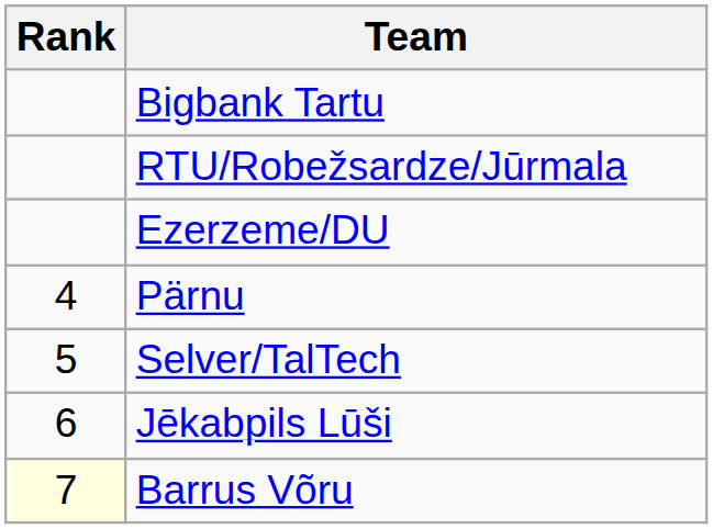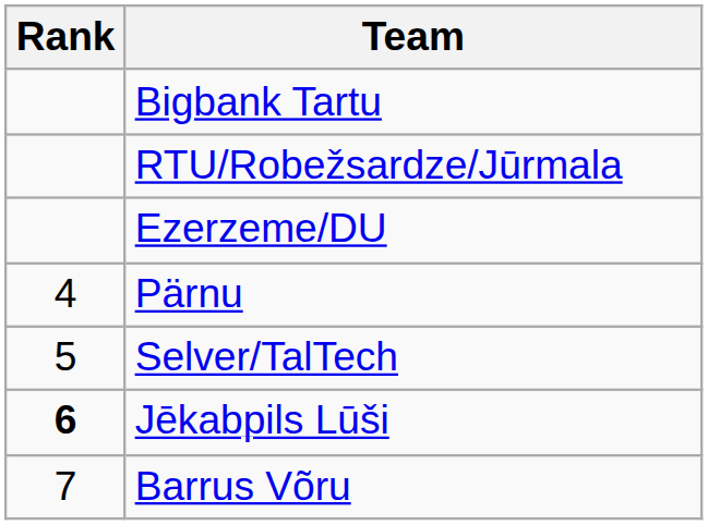 <table class=wikitable style="text-align:center">
 <tr>
 <th width=40>Rank</th>
 <th width=220>Team</th>
 </tr>
 <tr>
 <td></td>
 <td align=left> <a href='#'>Bigbank Tartu</a></td>
 </tr>
 <tr>
 <td></td>
 <td align=left> <a href='#'>RTU/Robežsardze/Jūrmala</a></td>
 </tr>
 <tr>
 <td></td>
 <td align=left> <a href='#'>Ezerzeme/DU</a></td>
 </tr>
 <tr>
 <td>4</td>
 <td align=left> <a href='#'>Pärnu</a></td>
 </tr>
 <tr>
 <td>5</td>
 <td align=left> <a href='#'>Selver/TalTech</a></td>
 </tr>
 <tr>
-<td>6</td>
+<td><strong>6</strong></td>
 <td align=left> <a href='#'>Jēkabpils Lūši</a></td>
 </tr>
 <tr>
-<td style="background: lightyellow;">7</td>
+<td>7</td>
 <td align=left> <a href='#'>Barrus Võru</a></td>
 </tr>
 </table>
